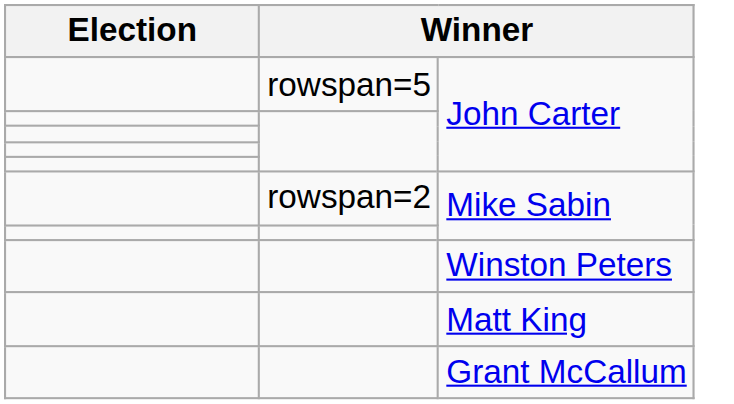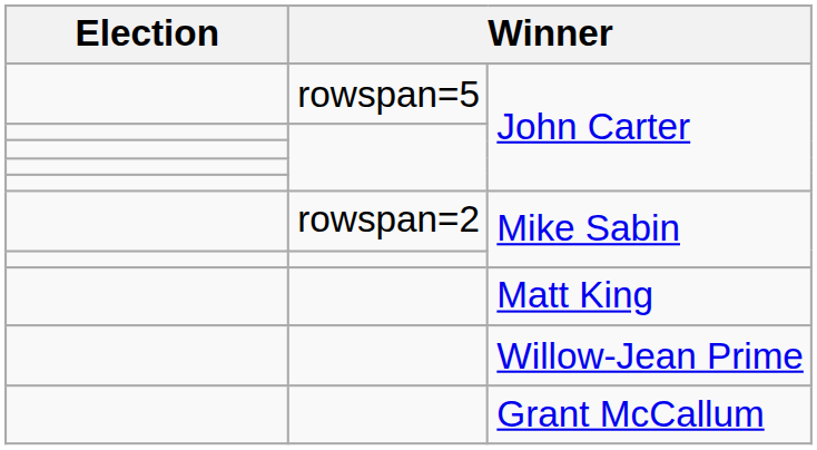 <table class=wikitable>
 <tr>
 <th width=115>Election</th>
 <th width=175 colspan=2>Winner</th>
 </tr>
 <tr>
 <td></td>
 <td>rowspan=5 </td>
 <td rowspan=5><a href='#'>John Carter</a></td>
 </tr>
 <tr>
 <td></td>
 </tr>
 <tr>
 <td></td>
 </tr>
 <tr>
 <td></td>
 </tr>
 <tr>
 <td></td>
 </tr>
 <tr>
 <td></td>
 <td>rowspan=2 </td>
 <td rowspan=2><a href='#'>Mike Sabin</a></td>
 </tr>
 <tr>
 <td></td>
 </tr>
 <tr>
 <td></td>
 <td></td>
-<td><a href='#'>Winston Peters</a></td>
+<td><a href='#'>Matt King</a></td>
 </tr>
 <tr>
 <td></td>
 <td></td>
-<td><a href='#'>Matt King</a></td>
+<td><a href='#'>Willow-Jean Prime</a></td>
 </tr>
 <tr>
 <td></td>
 <td></td>
 <td><a href='#'>Grant McCallum</a></td>
 </tr>
 </table>
